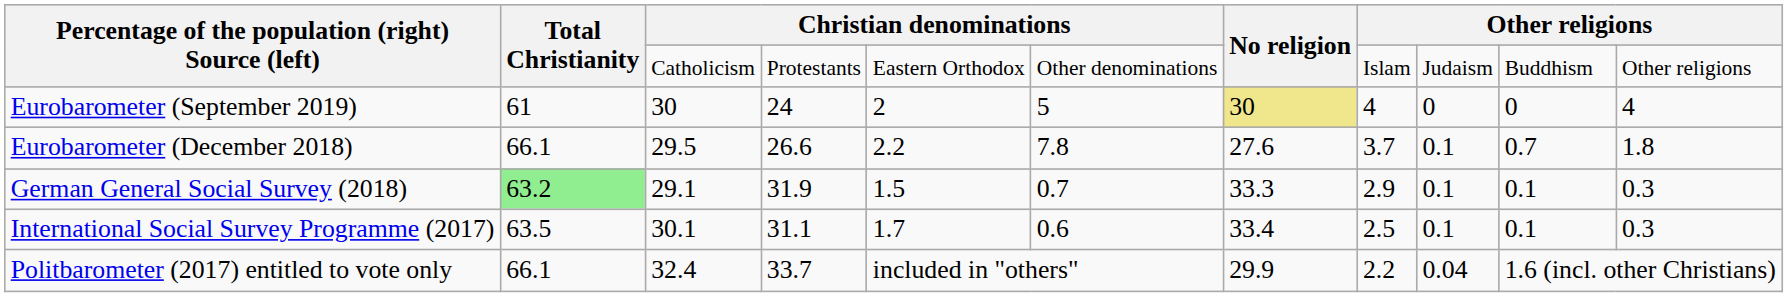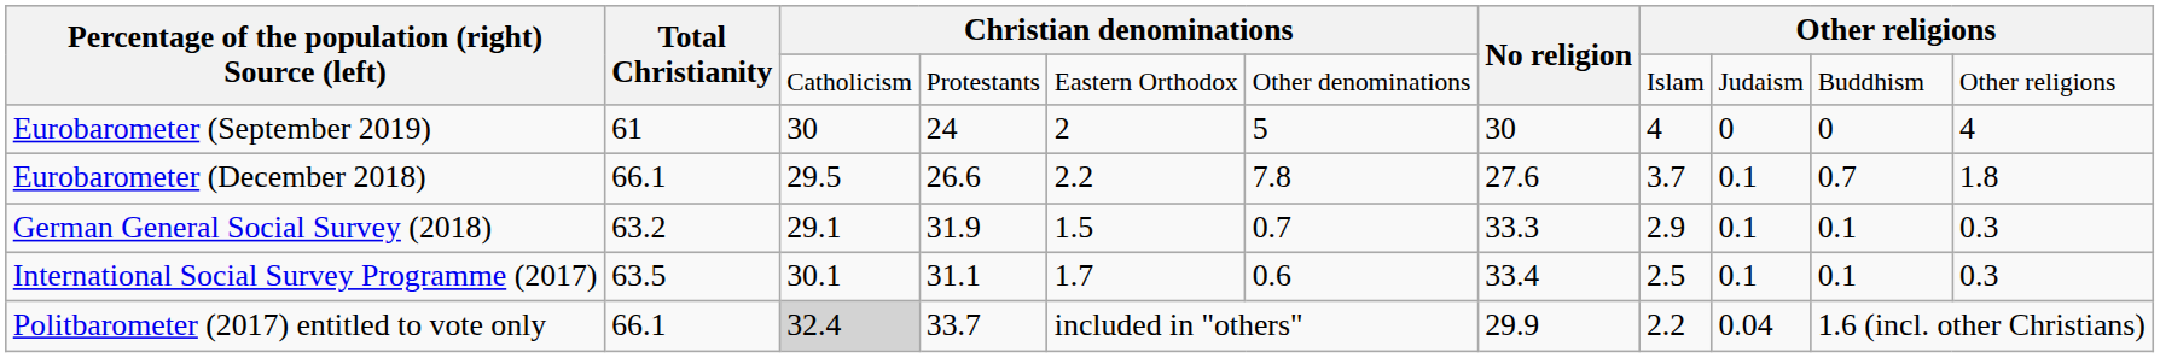 <table class="wikitable">
 <tr>
 <th rowspan="2">Percentage of the population (right)<br>Source (left)</th>
 <th rowspan="2">Total<br>Christianity</th>
 <th colspan="4">Christian denominations</th>
 <th rowspan="2">No religion</th>
 <th colspan="4">Other religions</th>
 </tr>
 <tr>
 <td><small>Catholicism</small></td>
 <td><small>Protestants</small></td>
 <td><small>Eastern Orthodox</small></td>
 <td><small>Other denominations</small></td>
 <td><small>Islam</small></td>
 <td><small>Judaism</small></td>
 <td><small>Buddhism</small></td>
 <td><small>Other religions</small></td>
 </tr>
 <tr>
 <td><a href='#'>Eurobarometer</a> (September 2019)</td>
 <td>61</td>
 <td>30</td>
 <td>24</td>
 <td>2</td>
 <td>5</td>
-<td style="background: khaki;">30</td>
+<td>30</td>
 <td>4</td>
 <td>0</td>
 <td>0</td>
 <td>4</td>
 </tr>
 <tr>
 <td><a href='#'>Eurobarometer</a> (December 2018)</td>
 <td>66.1</td>
 <td>29.5</td>
 <td>26.6</td>
 <td>2.2</td>
 <td>7.8</td>
 <td>27.6</td>
 <td>3.7</td>
 <td>0.1</td>
 <td>0.7</td>
 <td>1.8</td>
 </tr>
 <tr>
 <td><a href='#'>German General Social Survey</a> (2018)</td>
-<td style="background: lightgreen;">63.2</td>
+<td>63.2</td>
 <td>29.1</td>
 <td>31.9</td>
 <td>1.5</td>
 <td>0.7</td>
 <td>33.3</td>
 <td>2.9</td>
 <td>0.1</td>
 <td>0.1</td>
 <td>0.3</td>
 </tr>
 <tr>
 <td><a href='#'>International Social Survey Programme</a> (2017)</td>
 <td>63.5</td>
 <td>30.1</td>
 <td>31.1</td>
 <td>1.7</td>
 <td>0.6</td>
 <td>33.4</td>
 <td>2.5</td>
 <td>0.1</td>
 <td>0.1</td>
 <td>0.3</td>
 </tr>
 <tr>
 <td><a href='#'>Politbarometer</a> (2017) entitled to vote only</td>
 <td>66.1</td>
-<td>32.4</td>
+<td style="background: lightgrey;">32.4</td>
 <td>33.7</td>
 <td colspan="2">included in "others"</td>
 <td>29.9</td>
 <td>2.2</td>
 <td>0.04</td>
 <td colspan="2">1.6 (incl. other Christians)</td>
 </tr>
 </table>
